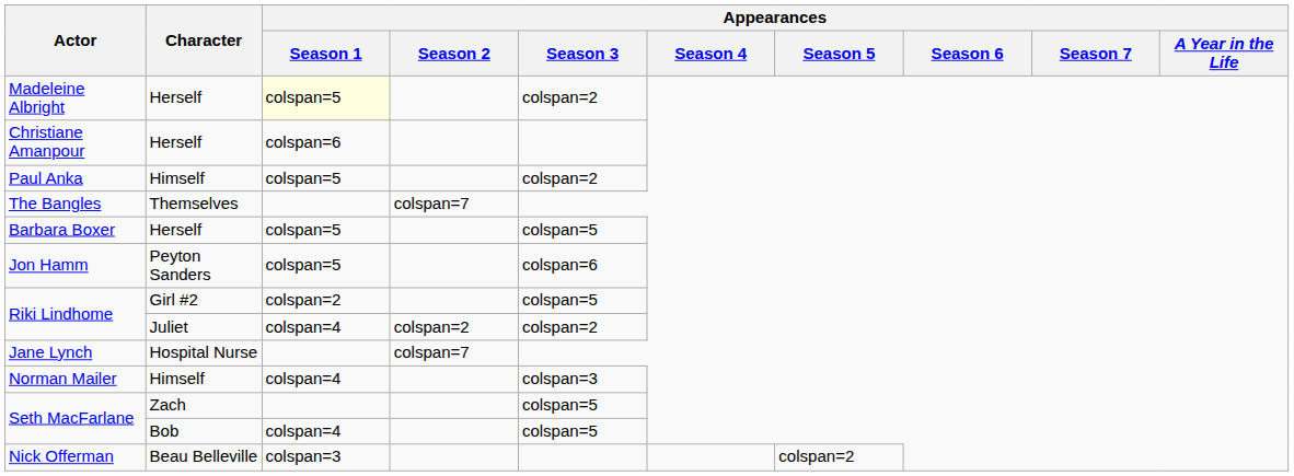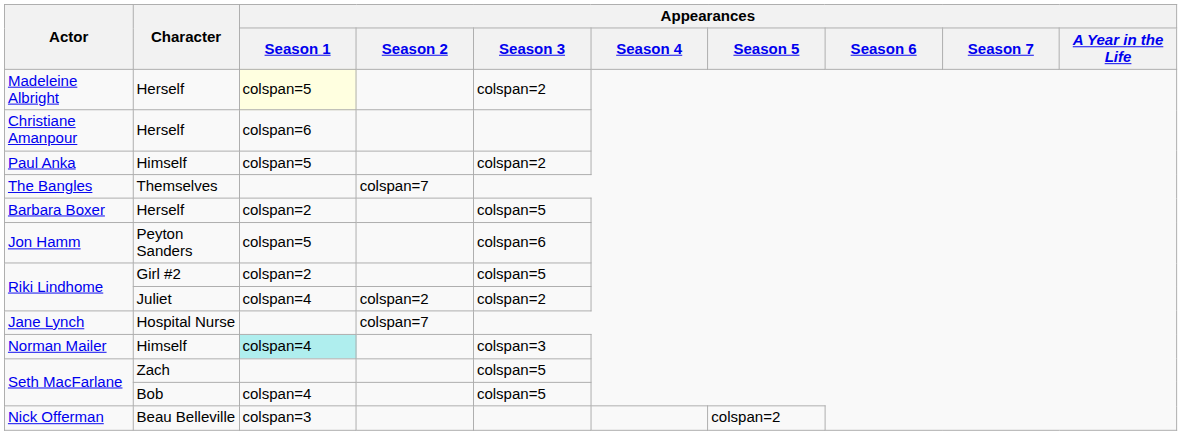 <table class="wikitable">
 <tr>
 <th rowspan="2" scope="col">Actor</th>
 <th rowspan="2" scope="col">Character</th>
 <th colspan="8" scope="col">Appearances</th>
 </tr>
 <tr>
 <th scope="col" style="width:10%;"><a href='#'>Season 1</a></th>
 <th scope="col" style="width:10%;"><a href='#'>Season 2</a></th>
 <th scope="col" style="width:10%;"><a href='#'>Season 3</a></th>
 <th scope="col" style="width:10%;"><a href='#'>Season 4</a></th>
 <th scope="col" style="width:10%;"><a href='#'>Season 5</a></th>
 <th scope="col" style="width:10%;"><a href='#'>Season 6</a></th>
 <th scope="col" style="width:10%;"><a href='#'>Season 7</a></th>
 <th scope="col" style="width:10%;"><em><a href='#'>A Year in the Life</a></em></th>
 </tr>
 <tr>
 <td><a href='#'>Madeleine Albright</a></td>
 <td>Herself</td>
 <td style="background: lightyellow;">colspan=5 </td>
 <td></td>
 <td>colspan=2 </td>
 </tr>
 <tr>
 <td><a href='#'>Christiane Amanpour</a></td>
 <td>Herself</td>
 <td>colspan=6 </td>
 <td></td>
 <td></td>
 </tr>
 <tr>
 <td><a href='#'>Paul Anka</a></td>
 <td>Himself</td>
 <td>colspan=5 </td>
 <td></td>
 <td>colspan=2 </td>
 </tr>
 <tr>
 <td><a href='#'>The Bangles</a></td>
 <td>Themselves</td>
 <td></td>
 <td>colspan=7 </td>
 </tr>
 <tr>
 <td><a href='#'>Barbara Boxer</a></td>
 <td>Herself</td>
-<td>colspan=5 </td>
+<td>colspan=2 </td>
 <td></td>
 <td>colspan=5 </td>
 </tr>
 <tr>
 <td><a href='#'>Jon Hamm</a></td>
 <td>Peyton Sanders</td>
 <td>colspan=5 </td>
 <td></td>
 <td>colspan=6 </td>
 </tr>
 <tr>
 <td rowspan=2><a href='#'>Riki Lindhome</a></td>
 <td>Girl #2</td>
 <td>colspan=2 </td>
 <td></td>
 <td>colspan=5 </td>
 </tr>
 <tr>
 <td>Juliet</td>
 <td>colspan=4 </td>
 <td>colspan=2 </td>
 <td>colspan=2 </td>
 </tr>
 <tr>
 <td><a href='#'>Jane Lynch</a></td>
 <td>Hospital Nurse</td>
 <td></td>
 <td>colspan=7 </td>
 </tr>
 <tr>
 <td><a href='#'>Norman Mailer</a></td>
 <td>Himself</td>
-<td>colspan=4 </td>
+<td style="background: paleturquoise;">colspan=4 </td>
 <td></td>
 <td>colspan=3 </td>
 </tr>
 <tr>
 <td rowspan=2><a href='#'>Seth MacFarlane</a></td>
 <td>Zach</td>
 <td></td>
 <td></td>
 <td>colspan=5 </td>
 </tr>
 <tr>
 <td>Bob</td>
 <td>colspan=4 </td>
 <td></td>
 <td>colspan=5 </td>
 </tr>
 <tr>
 <td><a href='#'>Nick Offerman</a></td>
 <td>Beau Belleville</td>
 <td>colspan=3 </td>
 <td></td>
 <td></td>
 <td></td>
 <td>colspan=2 </td>
 </tr>
 </table>
